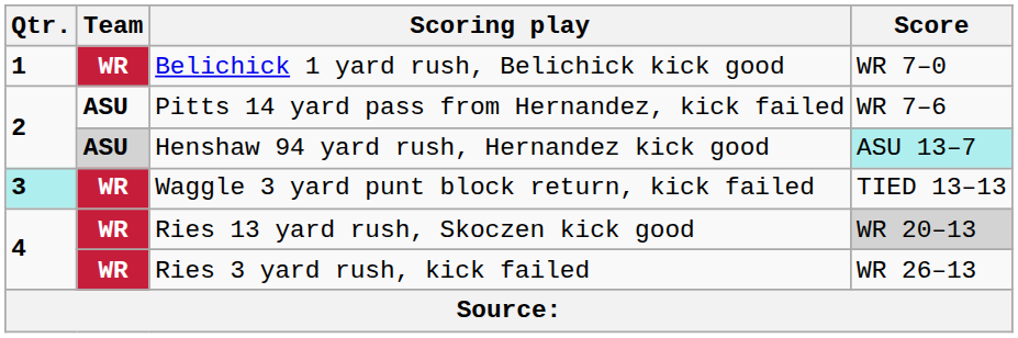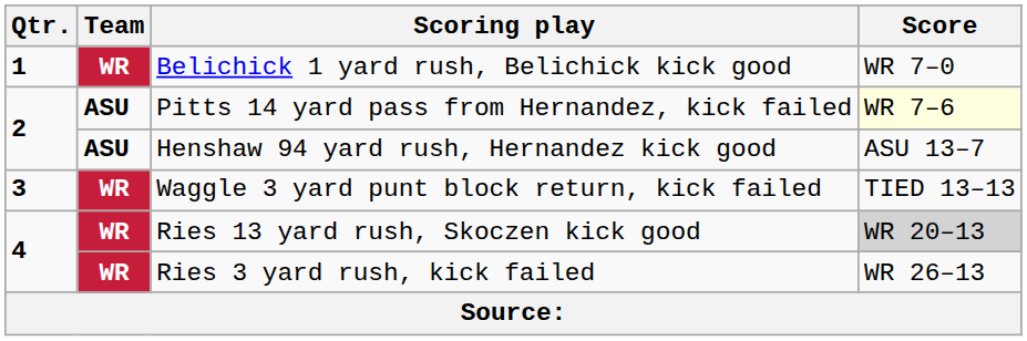 <table class="wikitable">
 <tr>
 <th>Qtr.</th>
 <th>Team</th>
 <th>Scoring play</th>
 <th>Score</th>
 </tr>
 <tr>
 <td><strong>1</strong></td>
 <td style="background:#c61d3a; color:white; text-align:center"><strong>WR</strong></td>
 <td><a href='#'>Belichick</a> 1 yard rush, Belichick kick good</td>
 <td>WR 7–0</td>
 </tr>
 <tr>
 <td rowspan=2><strong>2</strong></td>
 <td><strong>ASU</strong></td>
 <td>Pitts 14 yard pass from Hernandez, kick failed</td>
-<td>WR 7–6</td>
+<td style="background: lightyellow;">WR 7–6</td>
 </tr>
 <tr>
-<td style="background: lightgrey;"><strong>ASU</strong></td>
+<td><strong>ASU</strong></td>
 <td>Henshaw 94 yard rush, Hernandez kick good</td>
-<td style="background: paleturquoise;">ASU 13–7</td>
+<td>ASU 13–7</td>
 </tr>
 <tr>
-<td style="background: paleturquoise;"><strong>3</strong></td>
+<td><strong>3</strong></td>
 <td style="background:#c61d3a; color:white; text-align:center"><strong>WR</strong></td>
 <td>Waggle 3 yard punt block return, kick failed</td>
 <td>TIED 13–13</td>
 </tr>
 <tr>
 <td rowspan=2><strong>4</strong></td>
 <td style="background:#c61d3a; color:white; text-align:center"><strong>WR</strong></td>
 <td>Ries 13 yard rush, Skoczen kick good</td>
 <td style="background: lightgrey;">WR 20–13</td>
 </tr>
 <tr>
 <td style="background:#c61d3a; color:white; text-align:center"><strong>WR</strong></td>
 <td>Ries 3 yard rush, kick failed</td>
 <td>WR 26–13</td>
 </tr>
 <tr>
 <th colspan=4>Source:</th>
 </tr>
 </table>
